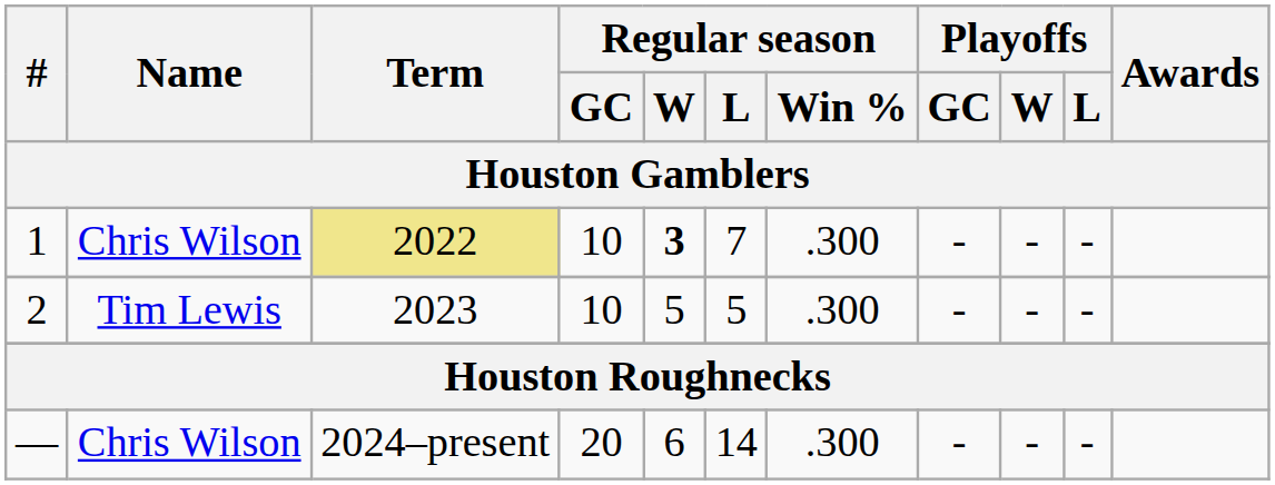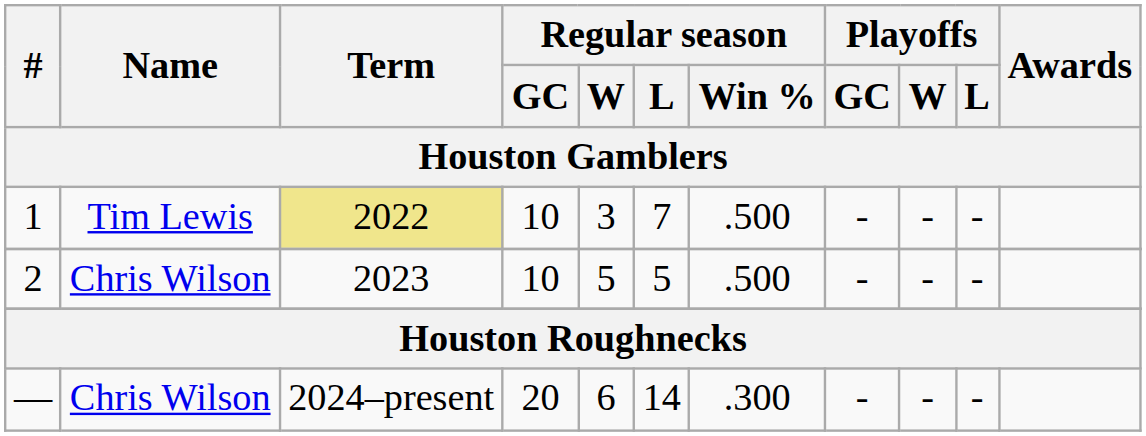 <table class="wikitable" style="text-align:center">
 <tr>
 <th rowspan="2">#</th>
 <th rowspan="2">Name</th>
 <th rowspan="2">Term</th>
 <th colspan="4">Regular season</th>
 <th colspan="3">Playoffs</th>
 <th rowspan="2">Awards</th>
 </tr>
 <tr>
 <th>GC</th>
 <th>W</th>
 <th>L</th>
 <th>Win %</th>
 <th>GC</th>
 <th>W</th>
 <th>L</th>
 </tr>
 <tr>
 <th colspan="11">Houston Gamblers</th>
 </tr>
 <tr>
 <td>1</td>
-<td><a href='#'>Chris Wilson</a></td>
+<td><a href='#'>Tim Lewis</a></td>
 <td style="background: khaki;">2022</td>
 <td>10</td>
-<td><strong>3</strong></td>
+<td>3</td>
 <td>7</td>
-<td>.300</td>
+<td>.500</td>
 <td>-</td>
 <td>-</td>
 <td>-</td>
 <td></td>
 </tr>
 <tr>
 </tr>
 <tr>
 </tr>
 <tr>
 <td>2</td>
-<td><a href='#'>Tim Lewis</a></td>
+<td><a href='#'>Chris Wilson</a></td>
 <td>2023</td>
 <td>10</td>
 <td>5</td>
 <td>5</td>
-<td>.300</td>
+<td>.500</td>
 <td>-</td>
 <td>-</td>
 <td>-</td>
 <td></td>
 </tr>
 <tr>
 </tr>
 <tr>
 </tr>
 <tr>
 <th colspan="11">Houston Roughnecks</th>
 </tr>
 <tr>
 <td align=center>—</td>
 <td><a href='#'>Chris Wilson</a></td>
 <td>2024–present</td>
 <td>20</td>
 <td>6</td>
 <td>14</td>
 <td>.300</td>
 <td>-</td>
 <td>-</td>
 <td>-</td>
 <td></td>
 </tr>
 </table>
